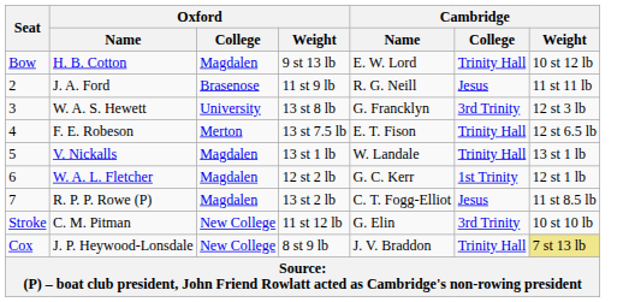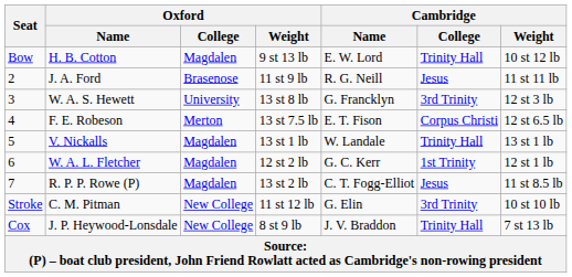 <table class="wikitable">
 <tr>
 <th rowspan="2" scope="col">Seat</th>
 <th colspan="3" scope="col">Oxford <br> </th>
 <th colspan="3" scope="col">Cambridge <br> </th>
 </tr>
 <tr>
 <th>Name</th>
 <th>College</th>
 <th>Weight</th>
 <th>Name</th>
 <th>College</th>
 <th>Weight</th>
 </tr>
 <tr>
 <td><a href='#'>Bow</a></td>
 <td><a href='#'>H. B. Cotton</a></td>
 <td><a href='#'>Magdalen</a></td>
 <td>9 st 13 lb</td>
 <td>E. W. Lord</td>
 <td><a href='#'>Trinity Hall</a></td>
 <td>10 st 12 lb</td>
 </tr>
 <tr>
 <td>2</td>
 <td>J. A. Ford</td>
 <td><a href='#'>Brasenose</a></td>
 <td>11 st 9 lb</td>
 <td>R. G. Neill</td>
 <td><a href='#'>Jesus</a></td>
 <td>11 st 11 lb</td>
 </tr>
 <tr>
 <td>3</td>
 <td>W. A. S. Hewett</td>
 <td><a href='#'>University</a></td>
 <td>13 st 8 lb</td>
 <td>G. Francklyn</td>
 <td><a href='#'>3rd Trinity</a></td>
 <td>12 st 3 lb</td>
 </tr>
 <tr>
 <td>4</td>
 <td>F. E. Robeson</td>
 <td><a href='#'>Merton</a></td>
 <td>13 st 7.5 lb</td>
 <td>E. T. Fison</td>
-<td><a href='#'>Trinity Hall</a></td>
+<td><a href='#'>Corpus Christi</a></td>
 <td>12 st 6.5 lb</td>
 </tr>
 <tr>
 <td>5</td>
 <td><a href='#'>V. Nickalls</a></td>
 <td><a href='#'>Magdalen</a></td>
 <td>13 st 1 lb</td>
 <td>W. Landale</td>
 <td><a href='#'>Trinity Hall</a></td>
 <td>13 st 1 lb</td>
 </tr>
 <tr>
 <td>6</td>
 <td><a href='#'>W. A. L. Fletcher</a></td>
 <td><a href='#'>Magdalen</a></td>
 <td>12 st 2 lb</td>
 <td>G. C. Kerr</td>
 <td><a href='#'>1st Trinity</a></td>
 <td>12 st 1 lb</td>
 </tr>
 <tr>
 <td>7</td>
 <td>R. P. P. Rowe (P)</td>
 <td><a href='#'>Magdalen</a></td>
 <td>13 st 2 lb</td>
 <td>C. T. Fogg-Elliot</td>
 <td><a href='#'>Jesus</a></td>
 <td>11 st 8.5 lb</td>
 </tr>
 <tr>
 <td><a href='#'>Stroke</a></td>
 <td>C. M. Pitman</td>
 <td><a href='#'>New College</a></td>
 <td>11 st 12 lb</td>
 <td>G. Elin</td>
 <td><a href='#'>3rd Trinity</a></td>
 <td>10 st 10 lb</td>
 </tr>
 <tr>
 <td><a href='#'>Cox</a></td>
 <td>J. P. Heywood-Lonsdale</td>
 <td><a href='#'>New College</a></td>
 <td>8 st 9 lb</td>
 <td>J. V. Braddon</td>
 <td><a href='#'>Trinity Hall</a></td>
-<td style="background: khaki;">7 st 13 lb</td>
+<td>7 st 13 lb</td>
 </tr>
 <tr>
 <th colspan="7">Source:<br>(P) – boat club president, John Friend Rowlatt acted as Cambridge's non-rowing president</th>
 </tr>
 </table>
